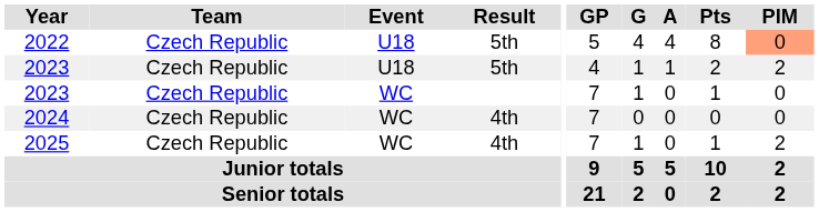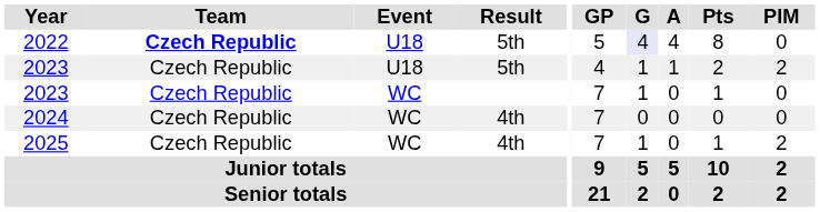 <table border="0" cellpadding="1" cellspacing="0" ID="Table3" style="text-align:center; width:40em">
 <tr ALIGN="center" bgcolor="#e0e0e0">
 <th>Year</th>
 <th>Team</th>
 <th>Event</th>
 <th>Result</th>
 <th rowspan="99" bgcolor="#ffffff"></th>
 <th>GP</th>
 <th>G</th>
 <th>A</th>
 <th>Pts</th>
 <th>PIM</th>
 </tr>
 <tr>
 <td><a href='#'>2022</a></td>
-<td><a href='#'>Czech Republic</a></td>
+<td><strong><a href='#'>Czech Republic</a></strong></td>
 <td><a href='#'>U18</a></td>
 <td>5th</td>
 <td>5</td>
-<td>4</td>
+<td style="background: lavender;">4</td>
 <td>4</td>
 <td>8</td>
-<td style="background: lightsalmon;">0</td>
+<td>0</td>
 </tr>
 <tr bgcolor="#f0f0f0">
 <td><a href='#'>2023</a></td>
 <td>Czech Republic</td>
 <td>U18</td>
 <td>5th</td>
 <td>4</td>
 <td>1</td>
 <td>1</td>
 <td>2</td>
 <td>2</td>
 </tr>
 <tr>
 <td><a href='#'>2023</a></td>
 <td><a href='#'>Czech Republic</a></td>
 <td><a href='#'>WC</a></td>
 <td></td>
 <td>7</td>
 <td>1</td>
 <td>0</td>
 <td>1</td>
 <td>0</td>
 </tr>
 <tr bgcolor="#f0f0f0">
 <td><a href='#'>2024</a></td>
 <td>Czech Republic</td>
 <td>WC</td>
 <td>4th</td>
 <td>7</td>
 <td>0</td>
 <td>0</td>
 <td>0</td>
 <td>0</td>
 </tr>
 <tr>
 <td><a href='#'>2025</a></td>
 <td>Czech Republic</td>
 <td>WC</td>
 <td>4th</td>
 <td>7</td>
 <td>1</td>
 <td>0</td>
 <td>1</td>
 <td>2</td>
 </tr>
 <tr bgcolor="#e0e0e0">
 <th colspan="4">Junior totals</th>
 <th>9</th>
 <th>5</th>
 <th>5</th>
 <th>10</th>
 <th>2</th>
 </tr>
 <tr bgcolor="#e0e0e0">
 <th colspan="4">Senior totals</th>
 <th>21</th>
 <th>2</th>
 <th>0</th>
 <th>2</th>
 <th>2</th>
 </tr>
 </table>
